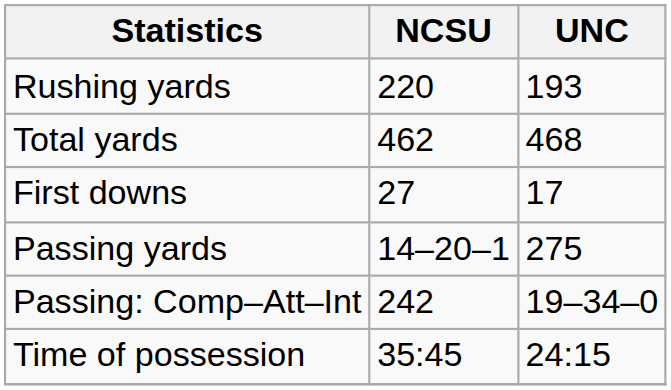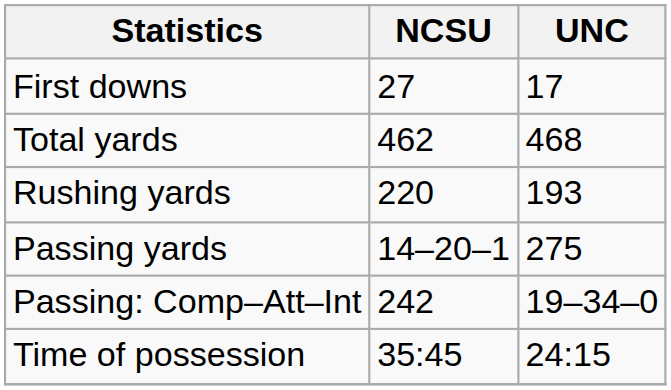 <table class="wikitable" style="float: left;">
 <tr>
 <th>Statistics</th>
 <th>NCSU</th>
 <th>UNC</th>
 </tr>
 <tr>
-<td>Rushing yards</td>
-<td>220</td>
-<td>193</td>
+<td>First downs</td>
+<td>27</td>
+<td>17</td>
 </tr>
 <tr>
 <td>Total yards</td>
 <td>462</td>
 <td>468</td>
 </tr>
 <tr>
-<td>First downs</td>
-<td>27</td>
-<td>17</td>
+<td>Rushing yards</td>
+<td>220</td>
+<td>193</td>
 </tr>
 <tr>
 <td>Passing yards</td>
 <td>14–20–1</td>
 <td>275</td>
 </tr>
 <tr>
 <td>Passing: Comp–Att–Int</td>
 <td>242</td>
 <td>19–34–0</td>
 </tr>
 <tr>
 <td>Time of possession</td>
 <td>35:45</td>
 <td>24:15</td>
 </tr>
 <tr>
 </tr>
 </table>
